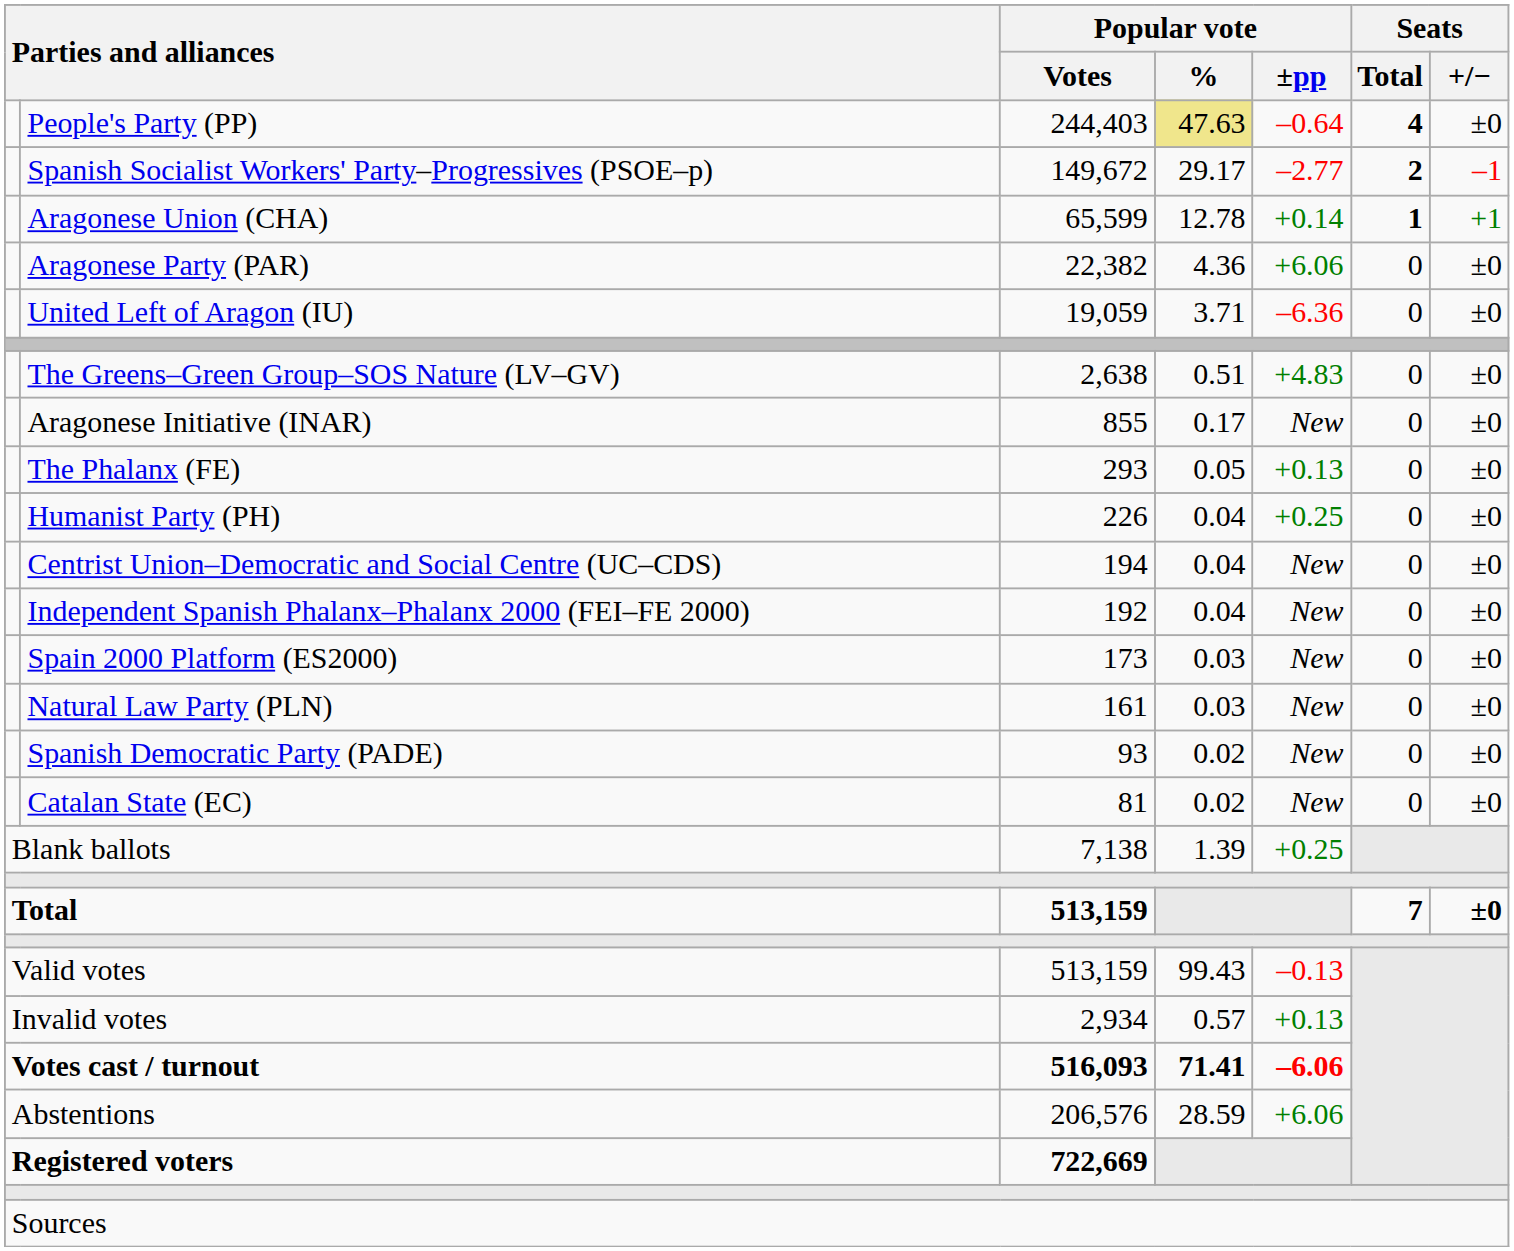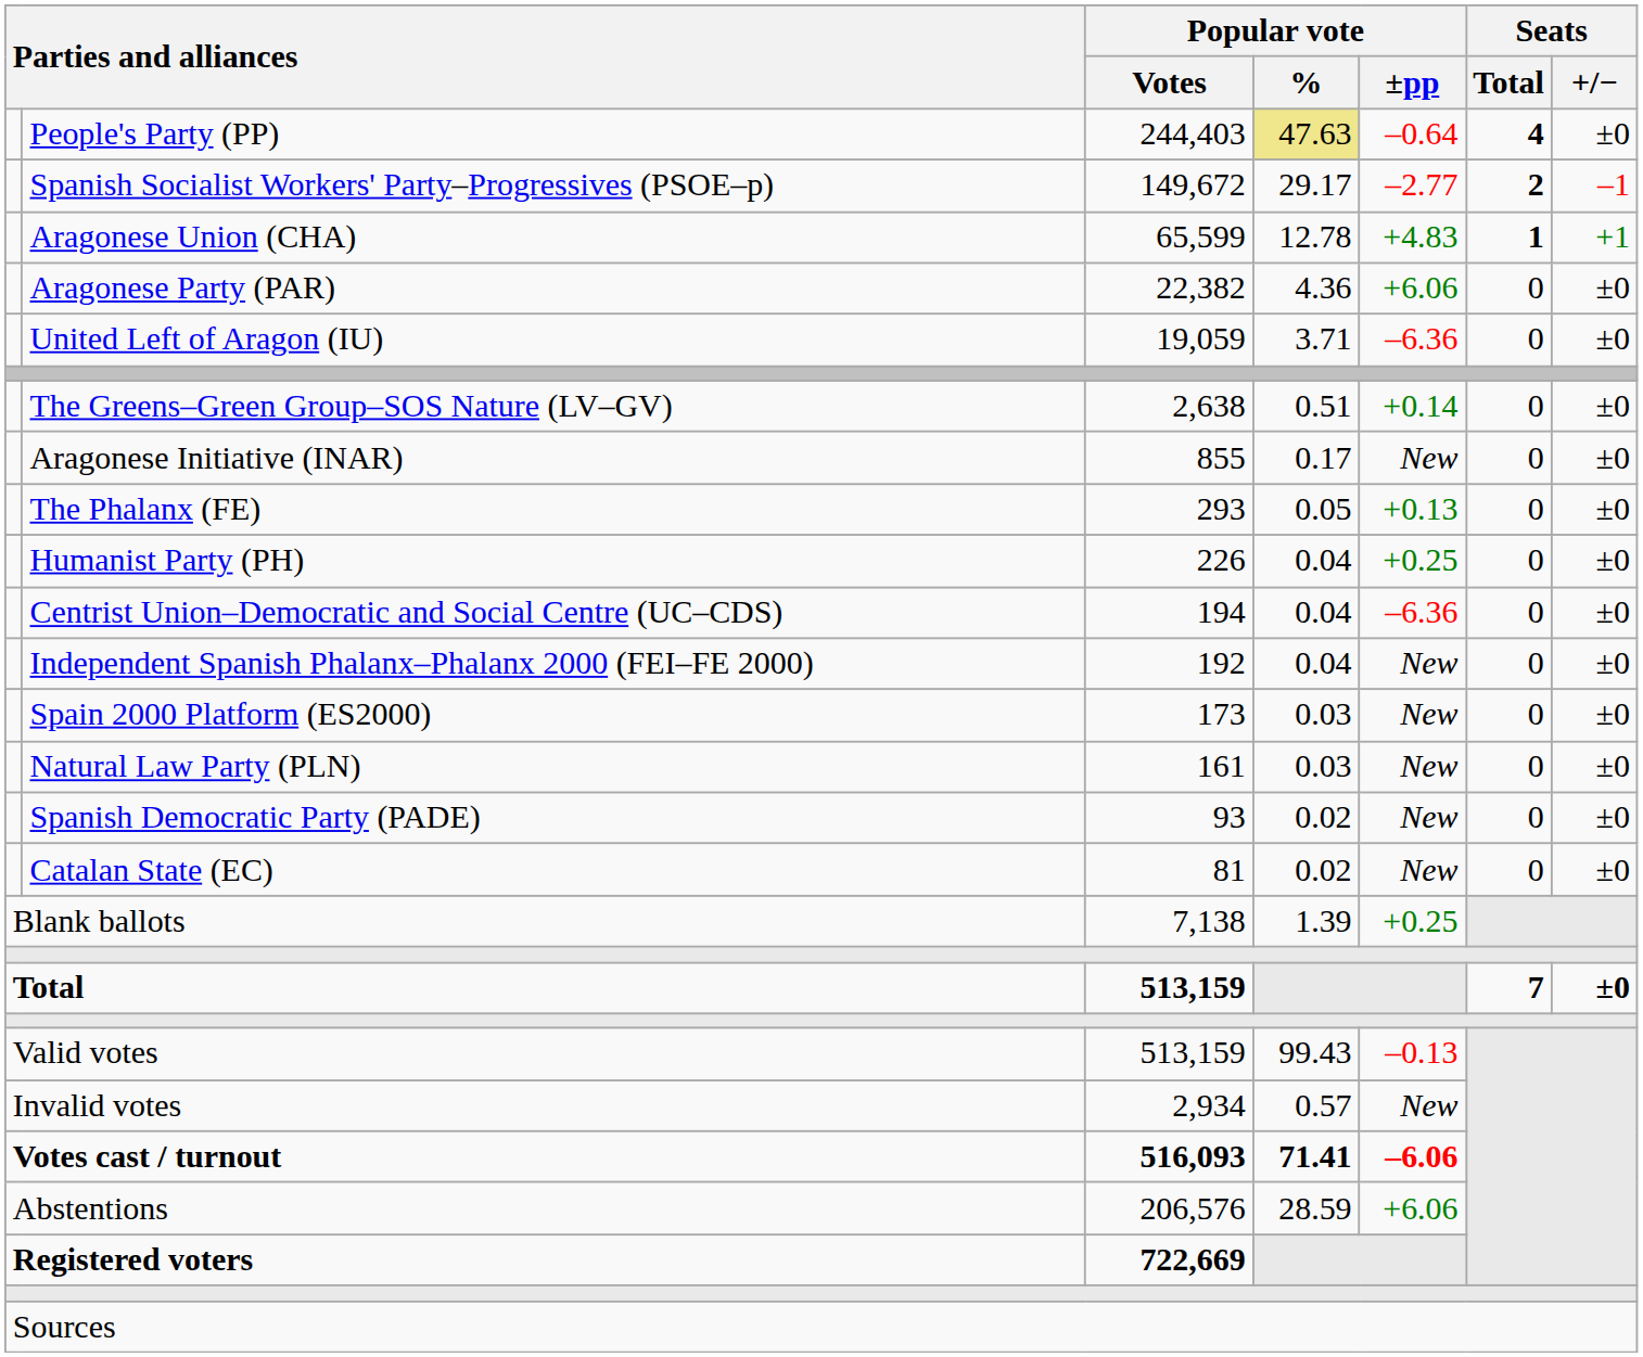 <table class="wikitable" style="text-align:right;">
 <tr>
 <th style="text-align:left;" rowspan="2" colspan="2" width="525">Parties and alliances</th>
 <th colspan="3">Popular vote</th>
 <th colspan="2">Seats</th>
 </tr>
 <tr>
 <th width="75">Votes</th>
 <th width="45">%</th>
 <th width="45">±<a href='#'>pp</a></th>
 <th width="35">Total</th>
 <th width="35">+/−</th>
 </tr>
 <tr>
 <td width="1" style="color:inherit;background:"></td>
 <td align="left"><a href='#'>People's Party</a> (PP)</td>
 <td>244,403</td>
 <td style="background: khaki;">47.63</td>
 <td style="color:red;">–0.64</td>
 <td><strong>4</strong></td>
 <td>±0</td>
 </tr>
 <tr>
 <td style="color:inherit;background:"></td>
 <td align="left"><a href='#'>Spanish Socialist Workers' Party</a>–<a href='#'>Progressives</a> (PSOE–p)</td>
 <td>149,672</td>
 <td>29.17</td>
 <td style="color:red;">–2.77</td>
 <td><strong>2</strong></td>
 <td style="color:red;">–1</td>
 </tr>
 <tr>
 <td style="color:inherit;background:"></td>
 <td align="left"><a href='#'>Aragonese Union</a> (CHA)</td>
 <td>65,599</td>
 <td>12.78</td>
-<td style="color:green;">+0.14</td>
+<td style="color:green;">+4.83</td>
 <td><strong>1</strong></td>
 <td style="color:green;">+1</td>
 </tr>
 <tr>
 <td style="color:inherit;background:"></td>
 <td align="left"><a href='#'>Aragonese Party</a> (PAR)</td>
 <td>22,382</td>
 <td>4.36</td>
 <td style="color:green;">+6.06</td>
 <td>0</td>
 <td>±0</td>
 </tr>
 <tr>
 <td style="color:inherit;background:"></td>
 <td align="left"><a href='#'>United Left of Aragon</a> (IU)</td>
 <td>19,059</td>
 <td>3.71</td>
 <td style="color:red;">–6.36</td>
 <td>0</td>
 <td>±0</td>
 </tr>
 <tr>
 <td colspan="7" bgcolor="#C0C0C0"></td>
 </tr>
 <tr>
 <td style="color:inherit;background:"></td>
 <td align="left"><a href='#'>The Greens–Green Group–SOS Nature</a> (LV–GV)</td>
 <td>2,638</td>
 <td>0.51</td>
-<td style="color:green;">+4.83</td>
+<td style="color:green;">+0.14</td>
 <td>0</td>
 <td>±0</td>
 </tr>
 <tr>
 <td style="color:inherit;background:"></td>
 <td align="left">Aragonese Initiative (INAR)</td>
 <td>855</td>
 <td>0.17</td>
 <td><em>New</em></td>
 <td>0</td>
 <td>±0</td>
 </tr>
 <tr>
 <td style="color:inherit;background:"></td>
 <td align="left"><a href='#'>The Phalanx</a> (FE)</td>
 <td>293</td>
 <td>0.05</td>
 <td style="color:green;">+0.13</td>
 <td>0</td>
 <td>±0</td>
 </tr>
 <tr>
 <td style="color:inherit;background:"></td>
 <td align="left"><a href='#'>Humanist Party</a> (PH)</td>
 <td>226</td>
 <td>0.04</td>
 <td style="color:green;">+0.25</td>
 <td>0</td>
 <td>±0</td>
 </tr>
 <tr>
 <td style="color:inherit;background:"></td>
 <td align="left"><a href='#'>Centrist Union–Democratic and Social Centre</a> (UC–CDS)</td>
 <td>194</td>
 <td>0.04</td>
-<td><em>New</em></td>
+<td style="color:red;">–6.36</td>
 <td>0</td>
 <td>±0</td>
 </tr>
 <tr>
 <td style="color:inherit;background:"></td>
 <td align="left"><a href='#'>Independent Spanish Phalanx–Phalanx 2000</a> (FEI–FE 2000)</td>
 <td>192</td>
 <td>0.04</td>
 <td><em>New</em></td>
 <td>0</td>
 <td>±0</td>
 </tr>
 <tr>
 <td style="color:inherit;background:"></td>
 <td align="left"><a href='#'>Spain 2000 Platform</a> (ES2000)</td>
 <td>173</td>
 <td>0.03</td>
 <td><em>New</em></td>
 <td>0</td>
 <td>±0</td>
 </tr>
 <tr>
 <td style="color:inherit;background:"></td>
 <td align="left"><a href='#'>Natural Law Party</a> (PLN)</td>
 <td>161</td>
 <td>0.03</td>
 <td><em>New</em></td>
 <td>0</td>
 <td>±0</td>
 </tr>
 <tr>
 <td style="color:inherit;background:"></td>
 <td align="left"><a href='#'>Spanish Democratic Party</a> (PADE)</td>
 <td>93</td>
 <td>0.02</td>
 <td><em>New</em></td>
 <td>0</td>
 <td>±0</td>
 </tr>
 <tr>
 <td style="color:inherit;background:"></td>
 <td align="left"><a href='#'>Catalan State</a> (EC)</td>
 <td>81</td>
 <td>0.02</td>
 <td><em>New</em></td>
 <td>0</td>
 <td>±0</td>
 </tr>
 <tr>
 <td align="left" colspan="2">Blank ballots</td>
 <td>7,138</td>
 <td>1.39</td>
 <td style="color:green;">+0.25</td>
 <td bgcolor="#E9E9E9" colspan="2"></td>
 </tr>
 <tr>
 <td colspan="7" bgcolor="#E9E9E9"></td>
 </tr>
 <tr style="font-weight:bold;">
 <td align="left" colspan="2">Total</td>
 <td>513,159</td>
 <td bgcolor="#E9E9E9" colspan="2"></td>
 <td>7</td>
 <td>±0</td>
 </tr>
 <tr>
 <td colspan="7" bgcolor="#E9E9E9"></td>
 </tr>
 <tr>
 <td align="left" colspan="2">Valid votes</td>
 <td>513,159</td>
 <td>99.43</td>
 <td style="color:red;">–0.13</td>
 <td bgcolor="#E9E9E9" colspan="2" rowspan="5"></td>
 </tr>
 <tr>
 <td align="left" colspan="2">Invalid votes</td>
 <td>2,934</td>
 <td>0.57</td>
-<td style="color:green;">+0.13</td>
+<td><em>New</em></td>
 </tr>
 <tr style="font-weight:bold;">
 <td align="left" colspan="2">Votes cast / turnout</td>
 <td>516,093</td>
 <td>71.41</td>
 <td style="color:red;">–6.06</td>
 </tr>
 <tr>
 <td align="left" colspan="2">Abstentions</td>
 <td>206,576</td>
 <td>28.59</td>
 <td style="color:green;">+6.06</td>
 </tr>
 <tr style="font-weight:bold;">
 <td align="left" colspan="2">Registered voters</td>
 <td>722,669</td>
 <td bgcolor="#E9E9E9" colspan="2"></td>
 </tr>
 <tr>
 <td colspan="7" bgcolor="#E9E9E9"></td>
 </tr>
 <tr>
 <td align="left" colspan="7">Sources</td>
 </tr>
 </table>
